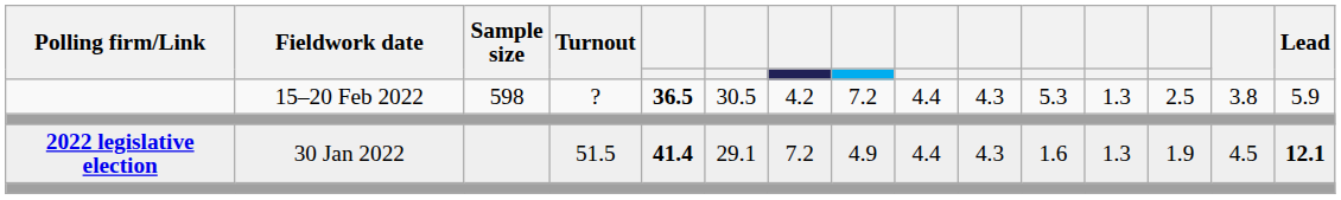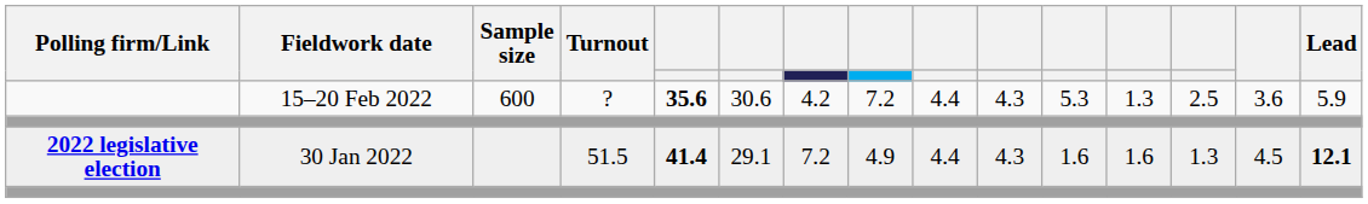 <table class="wikitable sortable mw-datatable" style="text-align:center;font-size:95%;line-height:16px;">
 <tr style="height:42px;">
 <th style="width:145px;" rowspan="2">Polling firm/Link</th>
 <th style="width:145px;" rowspan="2">Fieldwork date</th>
 <th class="unsortable" style="width:50px;" rowspan="2">Sample size</th>
 <th class="unsortable" style="width:45px;" rowspan="2">Turnout</th>
 <th class="sortable" style="width:35px;"></th>
 <th class="sortable" style="width:35px;"></th>
 <th class="sortable" style="width:35px;"></th>
 <th class="sortable" style="width:35px;"></th>
 <th class="sortable" style="width:35px;"></th>
 <th class="sortable" style="width:35px;"></th>
 <th class="sortable" style="width:35px;"></th>
 <th class="sortable" style="width:35px;"></th>
 <th class="sortable" style="width:35px;"></th>
 <th class="unsortable" style="width:35px;" rowspan="2"></th>
 <th class="unsortable" style="width:30px;" rowspan="2">Lead</th>
 </tr>
 <tr>
 <th class="sortable" style="color:inherit;background:"></th>
 <th class="sortable" style="color:inherit;background:"></th>
 <th class="sortable" style="color:inherit;background:#202056;"></th>
 <th class="sortable" style="color:inherit;background:#00ADEF;"></th>
 <th class="sortable" style="color:inherit;background:"></th>
 <th class="sortable" style="color:inherit;background:"></th>
 <th class="sortable" style="color:inherit;background:"></th>
 <th class="sortable" style="color:inherit;background:"></th>
 <th class="sortable" style="color:inherit;background:"></th>
 </tr>
 <tr>
 <td></td>
 <td>15–20 Feb 2022</td>
-<td>598</td>
+<td>600</td>
 <td>?</td>
-<td><strong>36.5</strong></td>
-<td>30.5</td>
+<td><strong>35.6</strong></td>
+<td>30.6</td>
 <td>4.2</td>
 <td>7.2</td>
 <td>4.4</td>
 <td>4.3</td>
 <td>5.3</td>
 <td>1.3</td>
 <td>2.5</td>
-<td>3.8</td>
+<td>3.6</td>
 <td style="background:">5.9</td>
 </tr>
 <tr>
 <td colspan="15" style="background:#A0A0A0"></td>
 </tr>
 <tr style="background:#EFEFEF">
 <td><strong><a href='#'>2022 legislative election</a></strong></td>
 <td>30 Jan 2022</td>
 <td></td>
 <td>51.5</td>
 <td><strong>41.4</strong><br></td>
 <td>29.1<br></td>
 <td>7.2<br></td>
 <td>4.9<br></td>
 <td>4.4<br></td>
 <td>4.3<br></td>
 <td>1.6<br></td>
+<td>1.6<br></td>
 <td>1.3<br></td>
-<td>1.9<br></td>
 <td>4.5<br></td>
 <td style="background:"><strong>12.1</strong></td>
 </tr>
 <tr>
 <td colspan="15" style="background:#A0A0A0"></td>
 </tr>
 </table>
